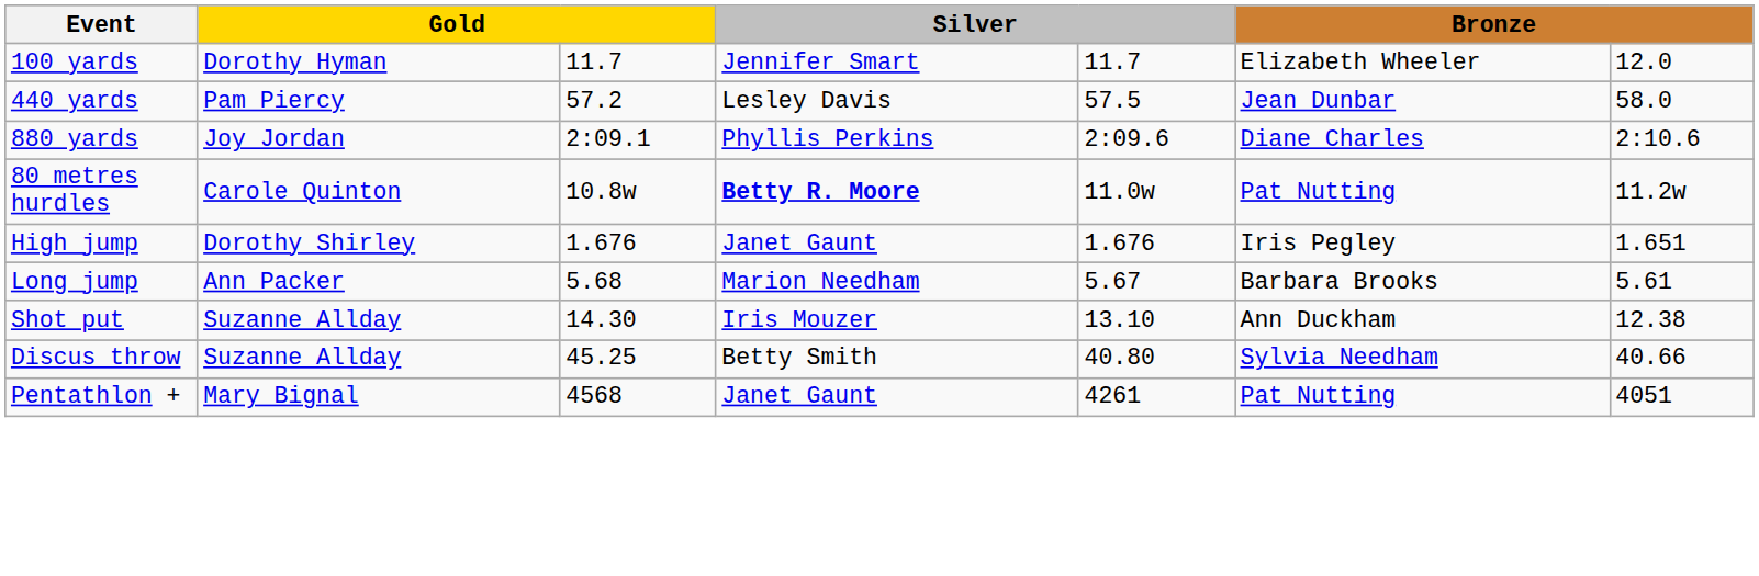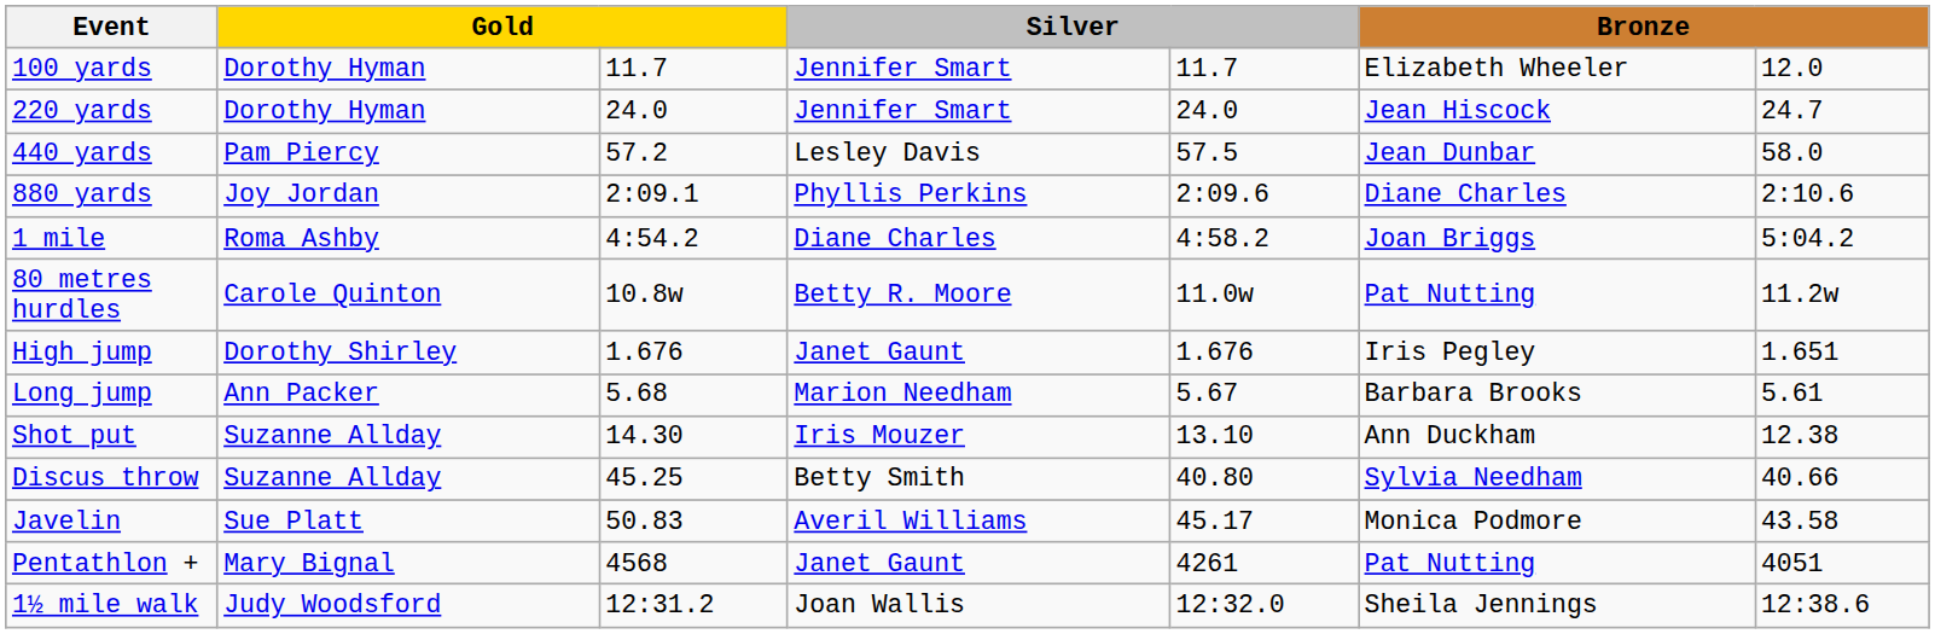 <table class="wikitable" style="text-align:left">
 <tr>
 <th width=100>Event</th>
 <th colspan="2" width="280" style="background:gold;">Gold</th>
 <th colspan="2" width="280" style="background:silver;">Silver</th>
 <th colspan="2" width="280" style="background:#CD7F32;">Bronze</th>
 </tr>
 <tr>
 <td><a href='#'>100 yards</a></td>
 <td><a href='#'>Dorothy Hyman</a></td>
 <td>11.7</td>
 <td> <a href='#'>Jennifer Smart</a></td>
 <td>11.7</td>
 <td>Elizabeth Wheeler</td>
 <td>12.0</td>
+</tr>
+<tr>
+<td><a href='#'>220 yards</a></td>
+<td><a href='#'>Dorothy Hyman</a></td>
+<td>24.0</td>
+<td> <a href='#'>Jennifer Smart</a></td>
+<td>24.0</td>
+<td><a href='#'>Jean Hiscock</a></td>
+<td>24.7</td>
 </tr>
 <tr>
 <td><a href='#'>440 yards</a></td>
 <td><a href='#'>Pam Piercy</a></td>
 <td>57.2</td>
 <td>Lesley Davis</td>
 <td>57.5</td>
 <td><a href='#'>Jean Dunbar</a></td>
 <td>58.0</td>
 </tr>
 <tr>
 <td><a href='#'>880 yards</a></td>
 <td><a href='#'>Joy Jordan</a></td>
 <td>2:09.1</td>
 <td><a href='#'>Phyllis Perkins</a></td>
 <td>2:09.6</td>
 <td><a href='#'>Diane Charles</a></td>
 <td>2:10.6</td>
 </tr>
 <tr>
+<td><a href='#'>1 mile</a></td>
+<td><a href='#'>Roma Ashby</a></td>
+<td>4:54.2</td>
+<td><a href='#'>Diane Charles</a></td>
+<td>4:58.2</td>
+<td><a href='#'>Joan Briggs</a></td>
+<td>5:04.2</td>
+</tr>
+<tr>
 <td><a href='#'>80 metres hurdles</a></td>
 <td><a href='#'>Carole Quinton</a></td>
 <td>10.8w</td>
-<td><strong> <a href='#'>Betty R. Moore</a></strong></td>
+<td> <a href='#'>Betty R. Moore</a></td>
 <td>11.0w</td>
 <td><a href='#'>Pat Nutting</a></td>
 <td>11.2w</td>
 </tr>
 <tr>
 <td><a href='#'>High jump</a></td>
 <td><a href='#'>Dorothy Shirley</a></td>
 <td>1.676</td>
 <td><a href='#'>Janet Gaunt</a></td>
 <td>1.676</td>
 <td>Iris Pegley</td>
 <td>1.651</td>
 </tr>
 <tr>
 <td><a href='#'>Long jump</a></td>
 <td><a href='#'>Ann Packer</a></td>
 <td>5.68</td>
 <td><a href='#'>Marion Needham</a></td>
 <td>5.67</td>
 <td>Barbara Brooks</td>
 <td>5.61</td>
 </tr>
 <tr>
 <td><a href='#'>Shot put</a></td>
 <td><a href='#'>Suzanne Allday</a></td>
 <td>14.30</td>
 <td><a href='#'>Iris Mouzer</a></td>
 <td>13.10</td>
 <td>Ann Duckham</td>
 <td>12.38</td>
 </tr>
 <tr>
 <td><a href='#'>Discus throw</a></td>
 <td><a href='#'>Suzanne Allday</a></td>
 <td>45.25</td>
 <td>Betty Smith</td>
 <td>40.80</td>
 <td><a href='#'>Sylvia Needham</a></td>
 <td>40.66</td>
 </tr>
 <tr>
+<td><a href='#'>Javelin</a></td>
+<td><a href='#'>Sue Platt</a></td>
+<td>50.83</td>
+<td><a href='#'>Averil Williams</a></td>
+<td>45.17</td>
+<td>Monica Podmore</td>
+<td>43.58</td>
+</tr>
+<tr>
 <td><a href='#'>Pentathlon</a> +</td>
 <td><a href='#'>Mary Bignal</a></td>
 <td>4568</td>
 <td><a href='#'>Janet Gaunt</a></td>
 <td>4261</td>
 <td><a href='#'>Pat Nutting</a></td>
 <td>4051</td>
 </tr>
+<tr>
+<td><a href='#'>1½ mile walk</a></td>
+<td><a href='#'>Judy Woodsford</a></td>
+<td>12:31.2</td>
+<td>Joan Wallis</td>
+<td>12:32.0</td>
+<td>Sheila Jennings</td>
+<td>12:38.6</td>
+</tr>
 </table>
